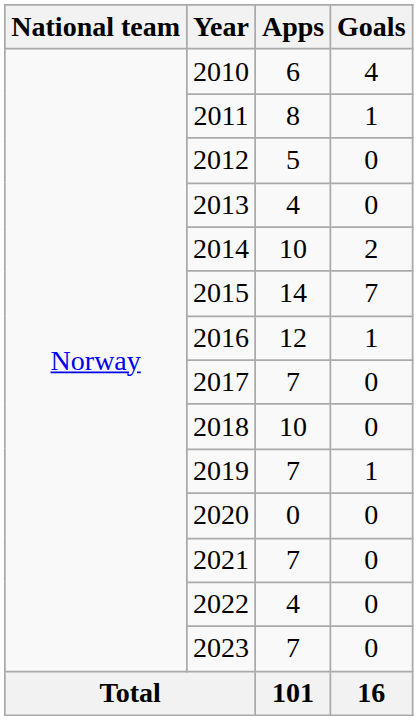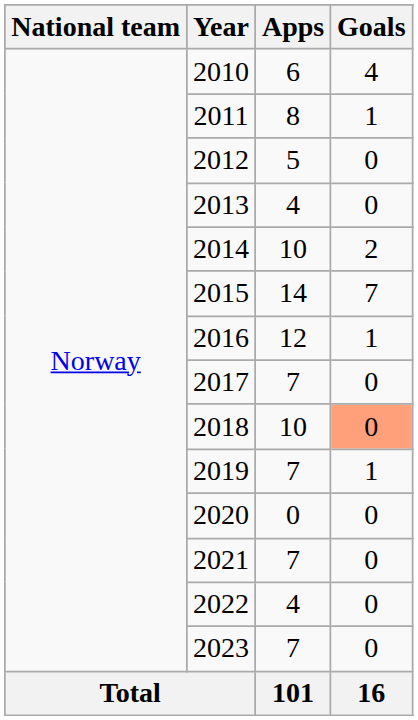 <table class="wikitable" style="text-align:center">
 <tr>
 <th>National team</th>
 <th>Year</th>
 <th>Apps</th>
 <th>Goals</th>
 </tr>
 <tr>
 <td rowspan="14"><a href='#'>Norway</a></td>
 <td>2010</td>
 <td>6</td>
 <td>4</td>
 </tr>
 <tr>
 <td>2011</td>
 <td>8</td>
 <td>1</td>
 </tr>
 <tr>
 <td>2012</td>
 <td>5</td>
 <td>0</td>
 </tr>
 <tr>
 <td>2013</td>
 <td>4</td>
 <td>0</td>
 </tr>
 <tr>
 <td>2014</td>
 <td>10</td>
 <td>2</td>
 </tr>
 <tr>
 <td>2015</td>
 <td>14</td>
 <td>7</td>
 </tr>
 <tr>
 <td>2016</td>
 <td>12</td>
 <td>1</td>
 </tr>
 <tr>
 <td>2017</td>
 <td>7</td>
 <td>0</td>
 </tr>
 <tr>
 <td>2018</td>
 <td>10</td>
-<td>0</td>
+<td style="background: lightsalmon;">0</td>
 </tr>
 <tr>
 <td>2019</td>
 <td>7</td>
 <td>1</td>
 </tr>
 <tr>
 <td>2020</td>
 <td>0</td>
 <td>0</td>
 </tr>
 <tr>
 <td>2021</td>
 <td>7</td>
 <td>0</td>
 </tr>
 <tr>
 <td>2022</td>
 <td>4</td>
 <td>0</td>
 </tr>
 <tr>
 <td>2023</td>
 <td>7</td>
 <td>0</td>
 </tr>
 <tr>
 <th colspan="2">Total</th>
 <th>101</th>
 <th>16</th>
 </tr>
 </table>
